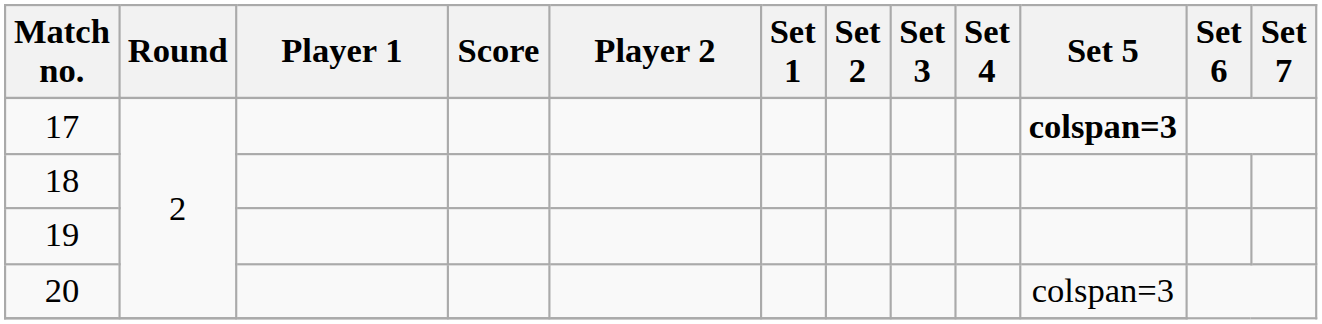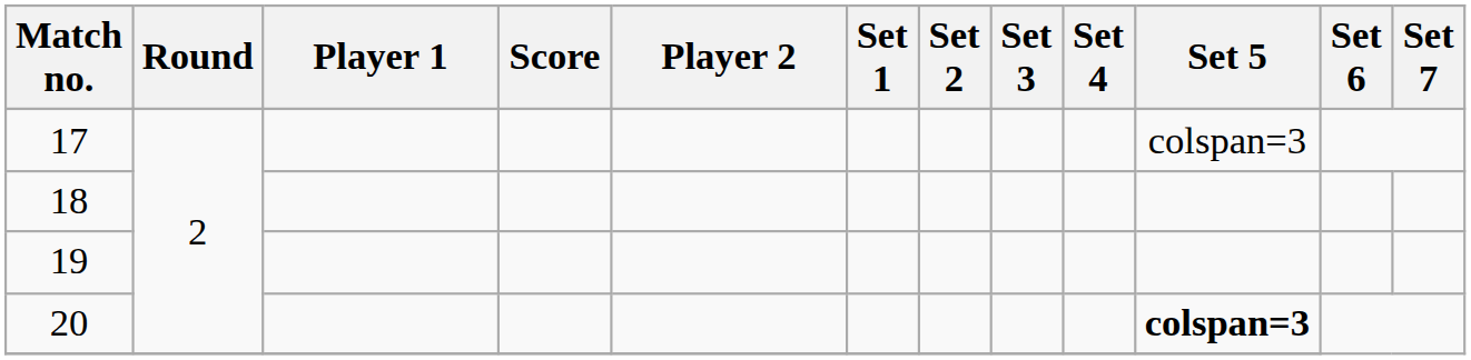 <table class="wikitable" style="text-align: center;">
 <tr>
 <th width="2%">Match no.</th>
 <th width="2%">Round</th>
 <th width="15%">Player 1</th>
 <th width="5%">Score</th>
 <th width="15%">Player 2</th>
 <th width="3%">Set 1</th>
 <th width="3%">Set 2</th>
 <th width="3%">Set 3</th>
 <th width="3%">Set 4</th>
 <th width="3%">Set 5</th>
 <th width="3%">Set 6</th>
 <th width="3%">Set 7</th>
 </tr>
 <tr>
 </tr>
 <tr style=text-align:center;>
 <td>17</td>
 <td rowspan=4>2</td>
 <td></td>
 <td></td>
 <td></td>
 <td></td>
 <td></td>
 <td></td>
 <td></td>
-<td><strong>colspan=3</strong></td>
+<td>colspan=3</td>
 </tr>
 <tr style=text-align:center;>
 <td>18</td>
 <td></td>
 <td></td>
 <td></td>
 <td></td>
 <td></td>
 <td></td>
 <td></td>
 <td></td>
 <td></td>
 <td></td>
 </tr>
 <tr style=text-align:center;>
 <td>19</td>
 <td></td>
 <td></td>
 <td></td>
 <td></td>
 <td></td>
 <td></td>
 <td></td>
 <td></td>
 <td></td>
 <td></td>
 </tr>
 <tr style=text-align:center;>
 <td>20</td>
 <td></td>
 <td></td>
 <td></td>
 <td></td>
 <td></td>
 <td></td>
 <td></td>
-<td>colspan=3</td>
+<td><strong>colspan=3</strong></td>
 </tr>
 <tr>
 </tr>
 </table>
